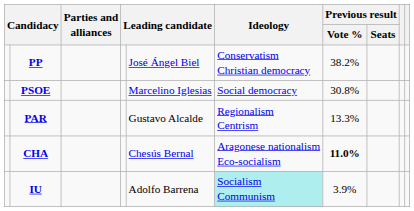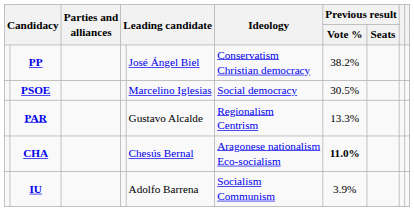 <table class="wikitable" style="line-height:1.35em; text-align:left;">
 <tr>
 <th colspan="2" rowspan="2">Candidacy</th>
 <th rowspan="2">Parties and<br>alliances</th>
 <th colspan="2" rowspan="2">Leading candidate</th>
 <th rowspan="2">Ideology</th>
 <th colspan="2">Previous result</th>
 <th rowspan="2"></th>
 <th rowspan="2"></th>
 </tr>
 <tr>
 <th>Vote %</th>
 <th>Seats</th>
 </tr>
 <tr>
 <td width="1" style="color:inherit;background:"></td>
 <td align="center"><strong><a href='#'>PP</a></strong></td>
 <td></td>
 <td></td>
 <td><a href='#'>José Ángel Biel</a></td>
 <td><a href='#'>Conservatism</a><br><a href='#'>Christian democracy</a></td>
 <td align="center">38.2%</td>
 <td></td>
 <td></td>
 <td></td>
 </tr>
 <tr>
 <td style="color:inherit;background:"></td>
 <td align="center"><strong><a href='#'>PSOE</a></strong></td>
 <td></td>
 <td></td>
 <td><a href='#'>Marcelino Iglesias</a></td>
 <td><a href='#'>Social democracy</a></td>
-<td align="center">30.8%</td>
+<td align="center">30.5%</td>
 <td></td>
 <td></td>
 <td></td>
 </tr>
 <tr>
 <td style="color:inherit;background:"></td>
 <td align="center"><strong><a href='#'>PAR</a></strong></td>
 <td></td>
 <td></td>
 <td>Gustavo Alcalde</td>
 <td><a href='#'>Regionalism</a><br><a href='#'>Centrism</a></td>
 <td align="center">13.3%</td>
 <td></td>
 <td></td>
 <td></td>
 </tr>
 <tr>
 <td style="color:inherit;background:"></td>
 <td align="center"><strong><a href='#'>CHA</a></strong></td>
 <td></td>
 <td></td>
 <td><a href='#'>Chesús Bernal</a></td>
 <td><a href='#'>Aragonese nationalism</a><br><a href='#'>Eco-socialism</a></td>
 <td align="center"><strong>11.0%</strong></td>
 <td></td>
 <td></td>
 <td></td>
 </tr>
 <tr>
 <td style="color:inherit;background:"></td>
 <td align="center"><strong><a href='#'>IU</a></strong></td>
 <td></td>
 <td></td>
 <td>Adolfo Barrena</td>
-<td style="background: paleturquoise;"><a href='#'>Socialism</a><br><a href='#'>Communism</a></td>
+<td><a href='#'>Socialism</a><br><a href='#'>Communism</a></td>
 <td align="center">3.9%</td>
 <td></td>
 <td></td>
 <td></td>
 </tr>
 </table>
